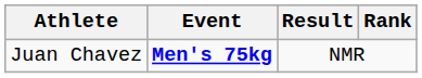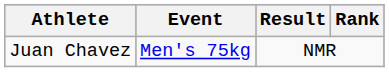 <table class=wikitable style="font-size:90%">
 <tr>
 <th>Athlete</th>
 <th>Event</th>
 <th>Result</th>
 <th>Rank</th>
 </tr>
 <tr>
 <td>Juan Chavez</td>
-<td><strong><a href='#'>Men's 75kg</a></strong></td>
+<td><a href='#'>Men's 75kg</a></td>
 <td style="text-align:center;" colspan="2">NMR</td>
 </tr>
 </table>
